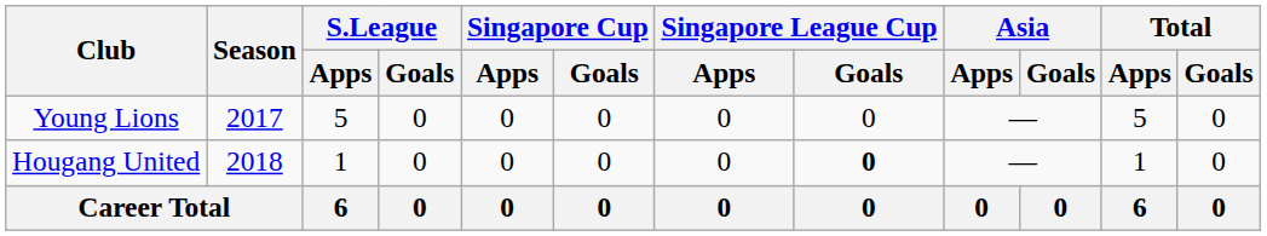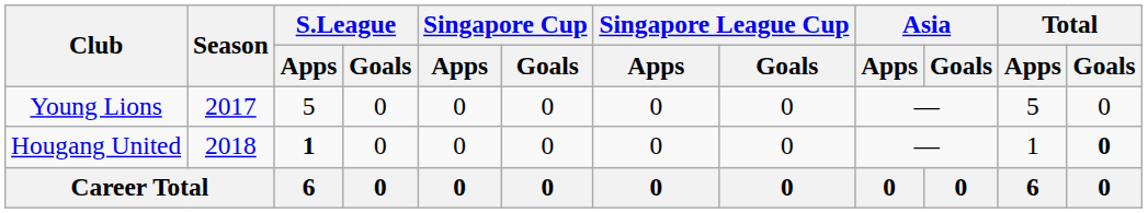 <table style="text-align:center" class="wikitable">
 <tr>
 <th rowspan="2">Club</th>
 <th rowspan="2">Season</th>
 <th colspan="2"><a href='#'>S.League</a></th>
 <th colspan="2"><a href='#'>Singapore Cup</a></th>
 <th colspan="2"><a href='#'>Singapore League Cup</a></th>
 <th colspan="2"><a href='#'>Asia</a></th>
 <th colspan="2">Total</th>
 </tr>
 <tr>
 <th>Apps</th>
 <th>Goals</th>
 <th>Apps</th>
 <th>Goals</th>
 <th>Apps</th>
 <th>Goals</th>
 <th>Apps</th>
 <th>Goals</th>
 <th>Apps</th>
 <th>Goals</th>
 </tr>
 <tr>
 <td><a href='#'>Young Lions</a></td>
 <td><a href='#'>2017</a></td>
 <td>5</td>
 <td>0</td>
 <td>0</td>
 <td>0</td>
 <td>0</td>
 <td>0</td>
 <td colspan="2">—</td>
 <td>5</td>
 <td>0</td>
 </tr>
 <tr>
 <td><a href='#'>Hougang United</a></td>
 <td><a href='#'>2018</a></td>
-<td>1</td>
+<td><strong>1</strong></td>
 <td>0</td>
 <td>0</td>
 <td>0</td>
 <td>0</td>
-<td><strong>0</strong></td>
+<td>0</td>
 <td colspan="2">—</td>
 <td>1</td>
-<td>0</td>
+<td><strong>0</strong></td>
 </tr>
 <tr>
 <th colspan="2">Career Total</th>
 <th>6</th>
 <th>0</th>
 <th>0</th>
 <th>0</th>
 <th>0</th>
 <th>0</th>
 <th>0</th>
 <th>0</th>
 <th>6</th>
 <th>0</th>
 </tr>
 </table>
